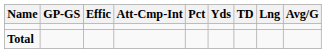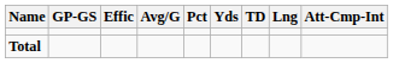 <table class="wikitable" style="white-space:nowrap;">
 <tr>
 <th>Name</th>
 <th>GP-GS</th>
 <th>Effic</th>
-<th>Att-Cmp-Int</th>
+<th>Avg/G</th>
 <th>Pct</th>
 <th>Yds</th>
 <th>TD</th>
 <th>Lng</th>
-<th>Avg/G</th>
+<th>Att-Cmp-Int</th>
 </tr>
 <tr>
 <td></td>
 <td></td>
 <td></td>
 <td></td>
 <td></td>
 <td></td>
 <td></td>
 <td></td>
 <td></td>
 </tr>
 <tr>
 <td><strong>Total</strong></td>
 <td></td>
 <td></td>
 <td></td>
 <td></td>
 <td></td>
 <td></td>
 <td></td>
 <td></td>
 </tr>
 </table>
